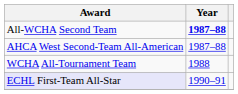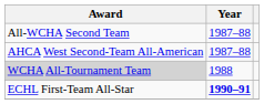 <table class="wikitable">
 <tr>
 <th>Award</th>
 <th>Year</th>
 <th></th>
 </tr>
 <tr>
 <td>All-<a href='#'>WCHA</a> <a href='#'>Second Team</a></td>
-<td><strong><a href='#'>1987–88</a></strong></td>
+<td><a href='#'>1987–88</a></td>
 <td></td>
 </tr>
 <tr>
 <td><a href='#'>AHCA</a> <a href='#'>West Second-Team All-American</a></td>
 <td><a href='#'>1987–88</a></td>
 <td></td>
 </tr>
 <tr>
-<td><a href='#'>WCHA</a> <a href='#'>All-Tournament Team</a></td>
+<td style="background: lightgrey;"><a href='#'>WCHA</a> <a href='#'>All-Tournament Team</a></td>
 <td><a href='#'>1988</a></td>
 <td></td>
 </tr>
 <tr>
-<td style="background: lavender;"><a href='#'>ECHL</a> First-Team All-Star</td>
-<td><a href='#'>1990–91</a></td>
+<td><a href='#'>ECHL</a> First-Team All-Star</td>
+<td><strong><a href='#'>1990–91</a></strong></td>
 <td></td>
 </tr>
 <tr>
 </tr>
 </table>
